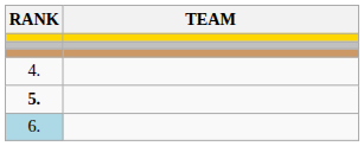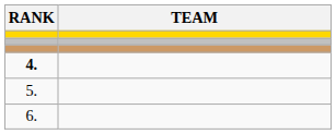 <table class="wikitable" style="border-collapse: collapse; font-size: 90%;">
 <tr>
 <th>RANK</th>
 <th align="left" style="width: 17em">TEAM</th>
 </tr>
 <tr bgcolor=gold>
 <td align="center"></td>
 <td></td>
 </tr>
 <tr bgcolor=silver>
 <td align="center"></td>
 <td></td>
 </tr>
 <tr bgcolor=cc9966>
 <td align="center"></td>
 <td></td>
 </tr>
 <tr>
-<td align="center">4.</td>
+<td align="center"><strong>4.</strong></td>
 <td></td>
 </tr>
 <tr>
-<td align="center"><strong>5.</strong></td>
+<td align="center">5.</td>
 <td></td>
 </tr>
 <tr>
-<td align="center" style="background: lightblue;">6.</td>
+<td align="center">6.</td>
 <td></td>
 </tr>
 </table>
